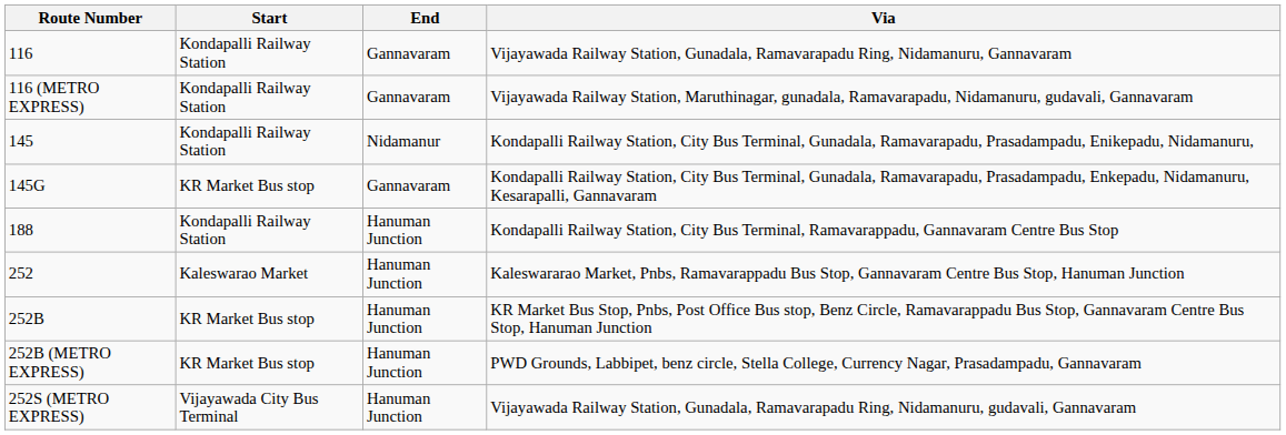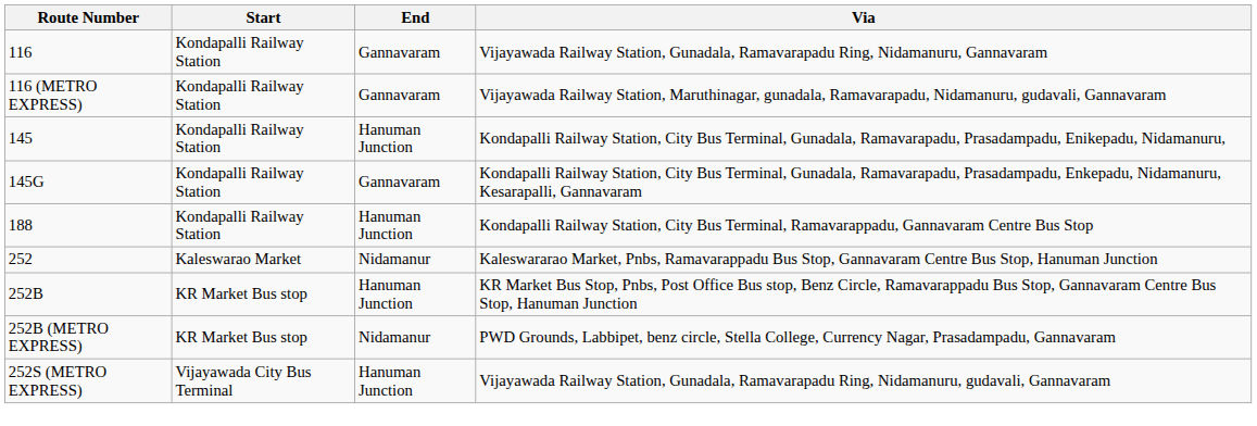 <table class="sortable wikitable">
 <tr>
 <th>Route Number</th>
 <th>Start</th>
 <th>End</th>
 <th>Via</th>
 </tr>
 <tr>
 <td>116</td>
 <td>Kondapalli Railway Station</td>
 <td>Gannavaram</td>
 <td>Vijayawada Railway Station, Gunadala, Ramavarapadu Ring, Nidamanuru, Gannavaram</td>
 </tr>
 <tr>
 <td>116 (METRO EXPRESS)</td>
 <td>Kondapalli Railway Station</td>
 <td>Gannavaram</td>
 <td>Vijayawada Railway Station, Maruthinagar, gunadala, Ramavarapadu, Nidamanuru, gudavali, Gannavaram</td>
 </tr>
 <tr>
 <td>145</td>
 <td>Kondapalli Railway Station</td>
-<td>Nidamanur</td>
+<td>Hanuman Junction</td>
 <td>Kondapalli Railway Station, City Bus Terminal, Gunadala, Ramavarapadu, Prasadampadu, Enikepadu, Nidamanuru,</td>
 </tr>
 <tr>
 <td>145G</td>
-<td>KR Market Bus stop</td>
+<td>Kondapalli Railway Station</td>
 <td>Gannavaram</td>
 <td>Kondapalli Railway Station, City Bus Terminal, Gunadala, Ramavarapadu, Prasadampadu, Enkepadu, Nidamanuru, Kesarapalli, Gannavaram</td>
 </tr>
 <tr>
 <td>188</td>
 <td>Kondapalli Railway Station</td>
 <td>Hanuman Junction</td>
 <td>Kondapalli Railway Station, City Bus Terminal, Ramavarappadu, Gannavaram Centre Bus Stop</td>
 </tr>
 <tr>
 <td>252</td>
 <td>Kaleswarao Market</td>
-<td>Hanuman Junction</td>
+<td>Nidamanur</td>
 <td>Kaleswararao Market, Pnbs, Ramavarappadu Bus Stop, Gannavaram Centre Bus Stop, Hanuman Junction</td>
 </tr>
 <tr>
 <td>252B</td>
 <td>KR Market Bus stop</td>
 <td>Hanuman Junction</td>
 <td>KR Market Bus Stop, Pnbs, Post Office Bus stop, Benz Circle, Ramavarappadu Bus Stop, Gannavaram Centre Bus Stop, Hanuman Junction</td>
 </tr>
 <tr>
 <td>252B (METRO EXPRESS)</td>
 <td>KR Market Bus stop</td>
-<td>Hanuman Junction</td>
+<td>Nidamanur</td>
 <td>PWD Grounds, Labbipet, benz circle, Stella College, Currency Nagar, Prasadampadu, Gannavaram</td>
 </tr>
 <tr>
 <td>252S (METRO EXPRESS)</td>
 <td>Vijayawada City Bus Terminal</td>
 <td>Hanuman Junction</td>
 <td>Vijayawada Railway Station, Gunadala, Ramavarapadu Ring, Nidamanuru, gudavali, Gannavaram</td>
 </tr>
 </table>
